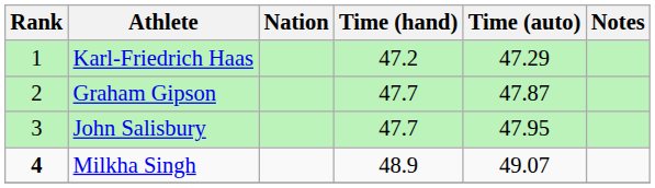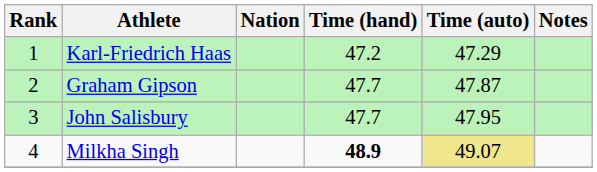 <table class="wikitable sortable" style="text-align:center">
 <tr>
 <th>Rank</th>
 <th>Athlete</th>
 <th>Nation</th>
 <th>Time (hand)</th>
 <th>Time (auto)</th>
 <th>Notes</th>
 </tr>
 <tr bgcolor=bbf3bb>
 <td>1</td>
 <td align=left><a href='#'>Karl-Friedrich Haas</a></td>
 <td align=left></td>
 <td>47.2</td>
 <td>47.29</td>
 <td></td>
 </tr>
 <tr bgcolor=bbf3bb>
 <td>2</td>
 <td align=left><a href='#'>Graham Gipson</a></td>
 <td align=left></td>
 <td>47.7</td>
 <td>47.87</td>
 <td></td>
 </tr>
 <tr bgcolor=bbf3bb>
 <td>3</td>
 <td align=left><a href='#'>John Salisbury</a></td>
 <td align=left></td>
 <td>47.7</td>
 <td>47.95</td>
 <td></td>
 </tr>
 <tr>
-<td><strong>4</strong></td>
+<td>4</td>
 <td align=left><a href='#'>Milkha Singh</a></td>
 <td align=left></td>
-<td>48.9</td>
-<td>49.07</td>
+<td><strong>48.9</strong></td>
+<td style="background: khaki;">49.07</td>
 <td></td>
 </tr>
 <tr>
 </tr>
 </table>
